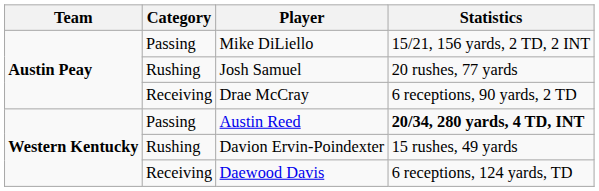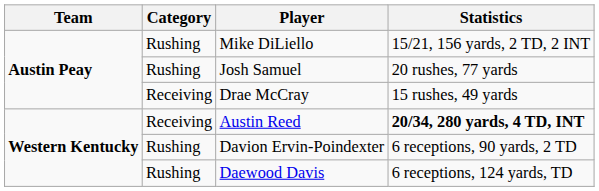 <table class="wikitable" style="float: left;">
 <tr>
 <th>Team</th>
 <th>Category</th>
 <th>Player</th>
 <th>Statistics</th>
 </tr>
 <tr>
 <td rowspan=3><strong>Austin Peay</strong></td>
-<td>Passing</td>
+<td>Rushing</td>
 <td>Mike DiLiello</td>
 <td>15/21, 156 yards, 2 TD, 2 INT</td>
 </tr>
 <tr>
 <td>Rushing</td>
 <td>Josh Samuel</td>
 <td>20 rushes, 77 yards</td>
 </tr>
 <tr>
 <td>Receiving</td>
 <td>Drae McCray</td>
-<td>6 receptions, 90 yards, 2 TD</td>
+<td>15 rushes, 49 yards</td>
 </tr>
 <tr>
 <td rowspan=3><strong>Western Kentucky</strong></td>
-<td>Passing</td>
+<td>Receiving</td>
 <td><a href='#'>Austin Reed</a></td>
 <td><strong>20/34, 280 yards, 4 TD, INT</strong></td>
 </tr>
 <tr>
 <td>Rushing</td>
 <td>Davion Ervin-Poindexter</td>
-<td>15 rushes, 49 yards</td>
+<td>6 receptions, 90 yards, 2 TD</td>
 </tr>
 <tr>
-<td>Receiving</td>
+<td>Rushing</td>
 <td><a href='#'>Daewood Davis</a></td>
 <td>6 receptions, 124 yards, TD</td>
 </tr>
 </table>
